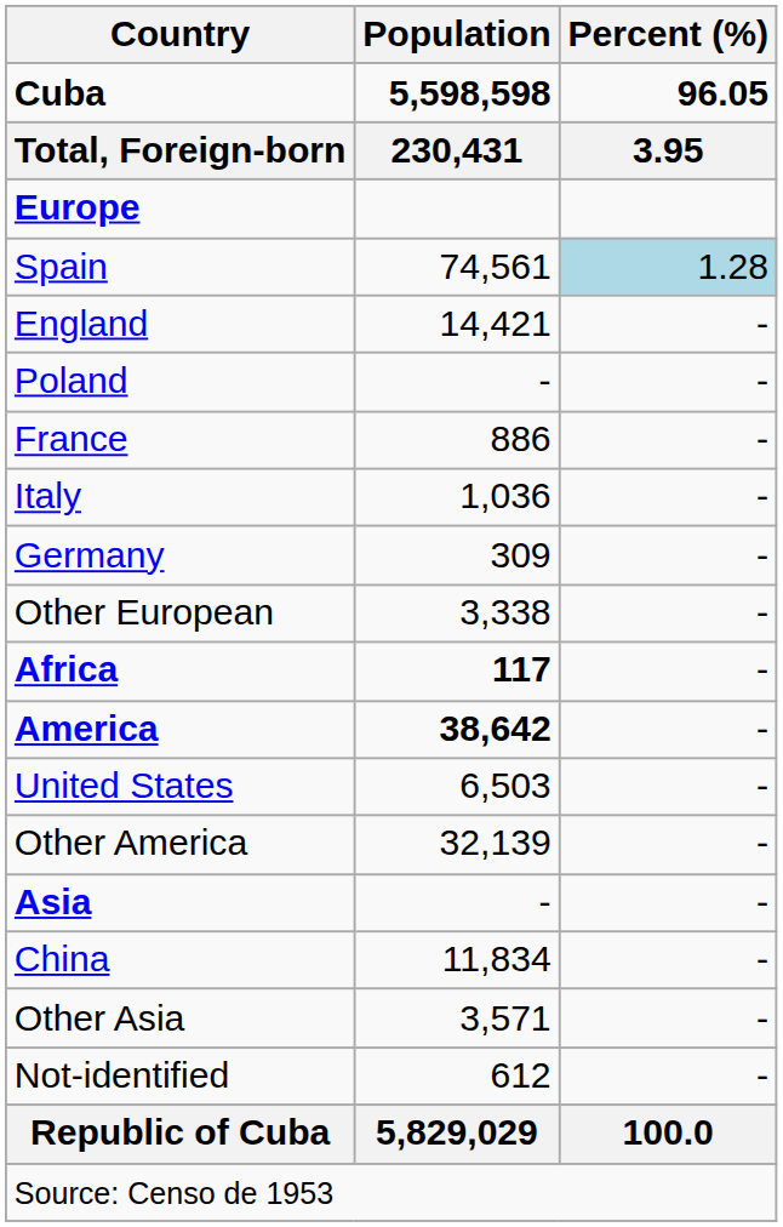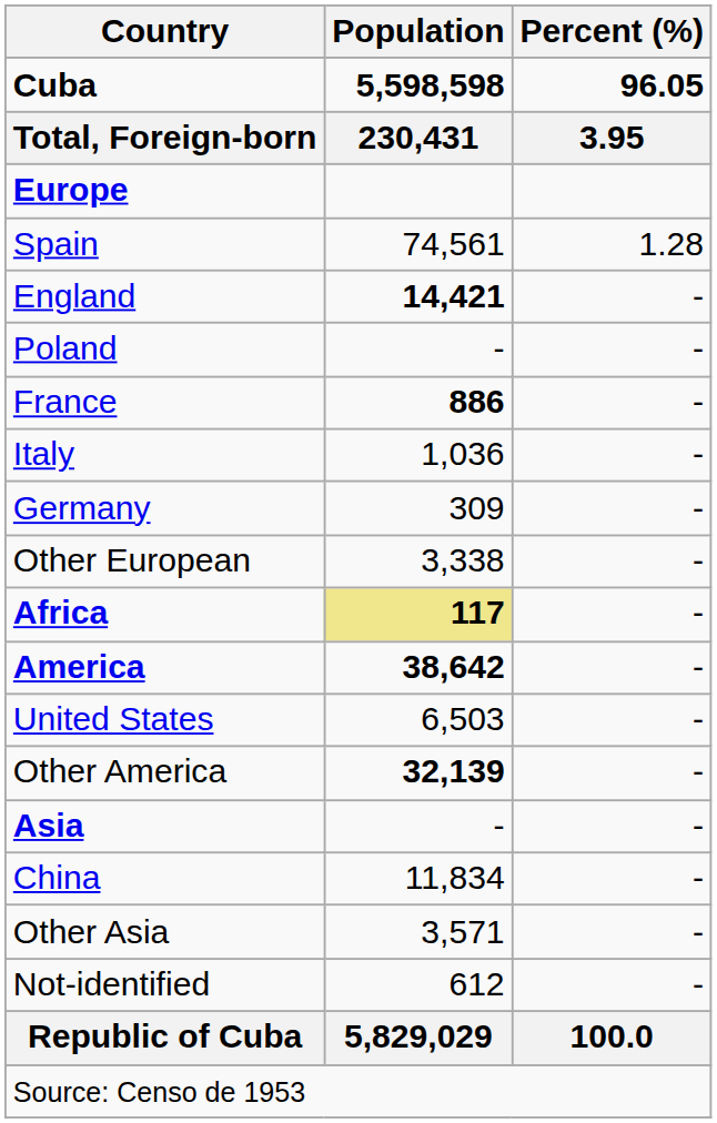 <table class="wikitable sortable" style="text-align:right">
 <tr>
 <th>Country</th>
 <th>Population<br></th>
 <th>Percent (%)</th>
 </tr>
 <tr>
 <td align=left> <strong>Cuba</strong></td>
 <td><strong>5,598,598</strong></td>
 <td><strong>96.05</strong></td>
 </tr>
 <tr>
 <th align=left>Total, Foreign-born</th>
 <th>230,431</th>
 <th>3.95</th>
 </tr>
 <tr>
 <td align=left><strong><a href='#'>Europe</a></strong></td>
 <td><strong> </strong></td>
 <td></td>
 </tr>
 <tr>
 <td align=left> <a href='#'>Spain</a></td>
 <td>74,561</td>
-<td style="background: lightblue;">1.28</td>
+<td>1.28</td>
 </tr>
 <tr>
 <td align=left> <a href='#'>England</a></td>
-<td>14,421</td>
+<td><strong>14,421</strong></td>
 <td>-</td>
 </tr>
 <tr>
 <td align=left> <a href='#'>Poland</a></td>
 <td>-</td>
 <td>-</td>
 </tr>
 <tr>
 <td align=left> <a href='#'>France</a></td>
-<td>886</td>
+<td><strong>886</strong></td>
 <td>-</td>
 </tr>
 <tr>
 <td align=left> <a href='#'>Italy</a></td>
 <td>1,036</td>
 <td>-</td>
 </tr>
 <tr>
 <td align=left> <a href='#'>Germany</a></td>
 <td>309</td>
 <td>-</td>
 </tr>
 <tr>
 <td align=left>Other European</td>
 <td>3,338</td>
 <td>-</td>
 </tr>
 <tr>
 <td align=left><strong><a href='#'>Africa</a></strong></td>
-<td><strong>117</strong></td>
+<td style="background: khaki;"><strong>117</strong></td>
 <td>-</td>
 </tr>
 <tr>
 <td align=left><strong><a href='#'>America</a></strong></td>
 <td><strong>38,642</strong></td>
 <td>-</td>
 </tr>
 <tr>
 <td align=left> <a href='#'>United States</a></td>
 <td>6,503</td>
 <td>-</td>
 </tr>
 <tr>
 <td align=left>Other America</td>
-<td>32,139</td>
+<td><strong>32,139</strong></td>
 <td>-</td>
 </tr>
 <tr>
 <td align=left><strong><a href='#'>Asia</a></strong></td>
 <td>-</td>
 <td>-</td>
 </tr>
 <tr>
 <td align=left> <a href='#'>China</a></td>
 <td>11,834</td>
 <td>-</td>
 </tr>
 <tr>
 <td align=left>Other Asia</td>
 <td>3,571</td>
 <td>-</td>
 </tr>
 <tr>
 <td align=left>Not-identified</td>
 <td>612</td>
 <td>-</td>
 </tr>
 <tr>
 <th align=center><strong>Republic of Cuba</strong></th>
 <th align=center><strong>5,829,029</strong></th>
 <th align=center><strong>100.0</strong></th>
 </tr>
 <tr>
 <td colspan="4" style="text-align:left;"><small>Source: Censo de 1953</small></td>
 </tr>
 </table>
